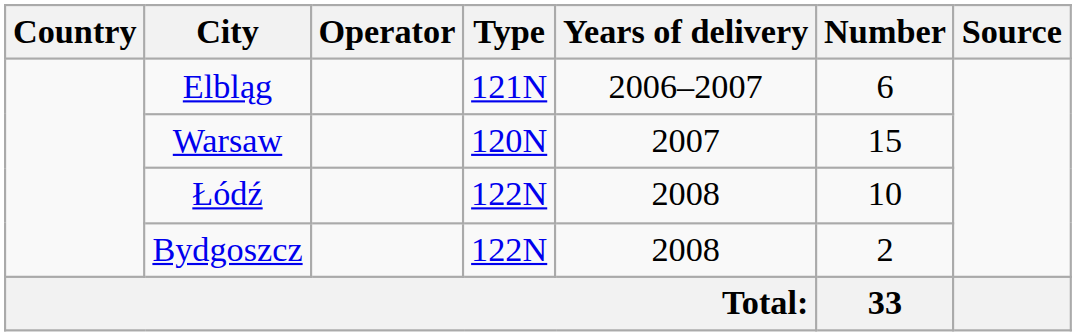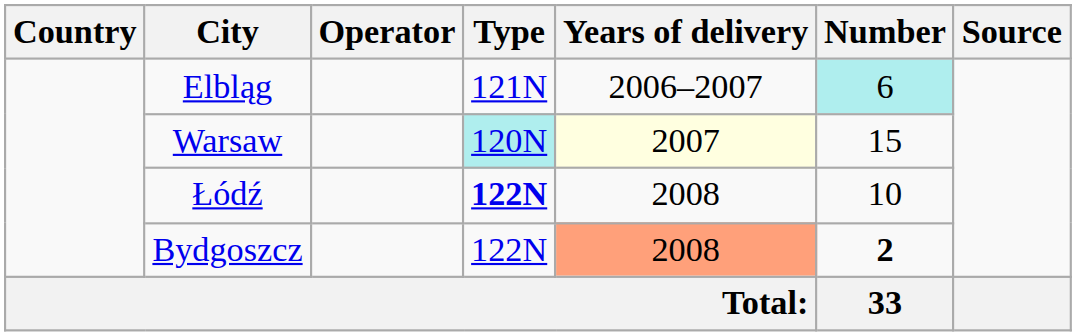 <table class="wikitable" style="text-align:center;">
 <tr>
 <th>Country</th>
 <th>City</th>
 <th>Operator</th>
 <th>Type</th>
 <th>Years of delivery</th>
 <th>Number</th>
 <th>Source</th>
 </tr>
 <tr>
 <td rowspan="4"></td>
 <td><a href='#'>Elbląg</a></td>
 <td></td>
 <td><a href='#'>121N</a></td>
 <td>2006–2007</td>
-<td>6</td>
+<td style="background: paleturquoise;">6</td>
 <td rowspan="4"></td>
 </tr>
 <tr>
 <td><a href='#'>Warsaw</a></td>
 <td></td>
-<td><a href='#'>120N</a></td>
-<td>2007</td>
+<td style="background: paleturquoise;"><a href='#'>120N</a></td>
+<td style="background: lightyellow;">2007</td>
 <td>15</td>
 </tr>
 <tr>
 <td><a href='#'>Łódź</a></td>
 <td></td>
-<td><a href='#'>122N</a></td>
+<td><strong><a href='#'>122N</a></strong></td>
 <td>2008</td>
 <td>10</td>
 </tr>
 <tr>
 <td><a href='#'>Bydgoszcz</a></td>
 <td></td>
 <td><a href='#'>122N</a></td>
-<td>2008</td>
-<td>2</td>
+<td style="background: lightsalmon;">2008</td>
+<td><strong>2</strong></td>
 </tr>
 <tr class="sortbottom">
 <th colspan="5" style="text-align:right">Total:</th>
 <th>33</th>
 <th></th>
 </tr>
 </table>
